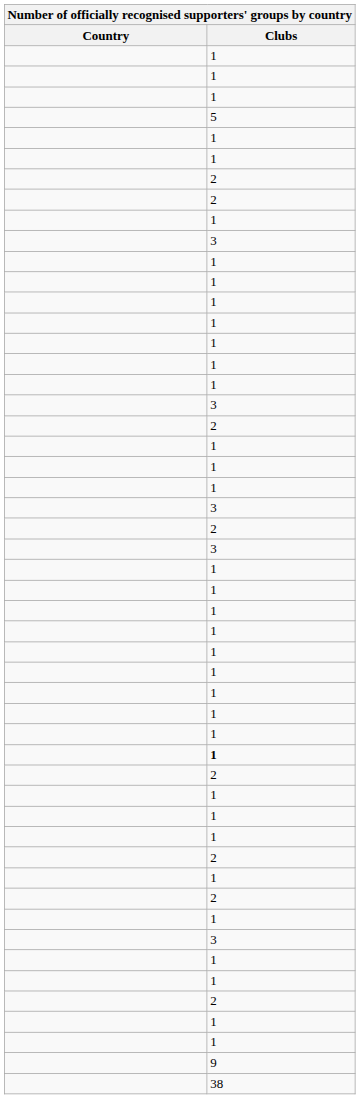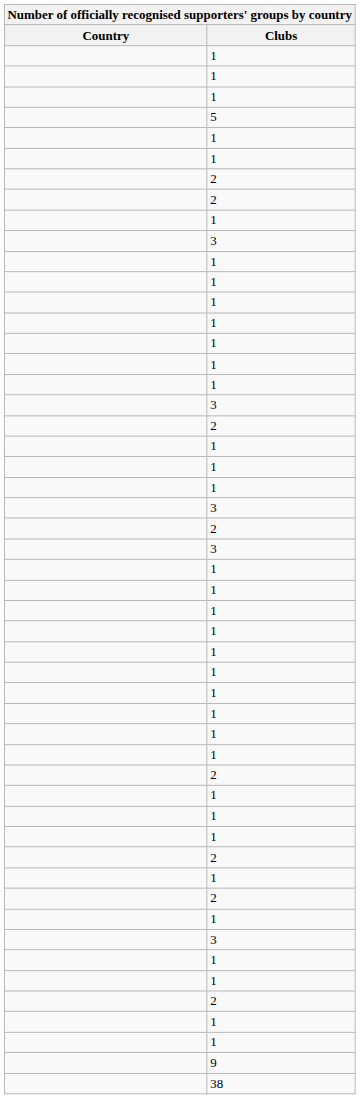 <table class="wikitable sortable">
 <tr>
 <th colspan="2">Number of officially recognised supporters' groups by country</th>
 </tr>
 <tr>
 <th>Country</th>
 <th>Clubs</th>
 </tr>
 <tr>
 <td></td>
 <td>1</td>
 </tr>
 <tr>
 <td></td>
 <td>1</td>
 </tr>
 <tr>
 <td></td>
 <td>1</td>
 </tr>
 <tr>
 <td></td>
 <td>5</td>
 </tr>
 <tr>
 <td></td>
 <td>1</td>
 </tr>
 <tr>
 <td></td>
 <td>1</td>
 </tr>
 <tr>
 <td></td>
 <td>2</td>
 </tr>
 <tr>
 <td></td>
 <td>2</td>
 </tr>
 <tr>
 <td></td>
 <td>1</td>
 </tr>
 <tr>
 <td></td>
 <td>3</td>
 </tr>
 <tr>
 <td></td>
 <td>1</td>
 </tr>
 <tr>
 <td></td>
 <td>1</td>
 </tr>
 <tr>
 <td></td>
 <td>1</td>
 </tr>
 <tr>
 <td></td>
 <td>1</td>
 </tr>
 <tr>
 <td></td>
 <td>1</td>
 </tr>
 <tr>
 <td></td>
 <td>1</td>
 </tr>
 <tr>
 <td></td>
 <td>1</td>
 </tr>
 <tr>
 <td></td>
 <td>3</td>
 </tr>
 <tr>
 <td></td>
 <td>2</td>
 </tr>
 <tr>
 <td></td>
 <td>1</td>
 </tr>
 <tr>
 <td></td>
 <td>1</td>
 </tr>
 <tr>
 <td></td>
 <td>1</td>
 </tr>
 <tr>
 <td></td>
 <td>3</td>
 </tr>
 <tr>
 <td></td>
 <td>2</td>
 </tr>
 <tr>
 <td></td>
 <td>3</td>
 </tr>
 <tr>
 <td></td>
 <td>1</td>
 </tr>
 <tr>
 <td></td>
 <td>1</td>
 </tr>
 <tr>
 <td></td>
 <td>1</td>
 </tr>
 <tr>
 <td></td>
 <td>1</td>
 </tr>
 <tr>
 <td></td>
 <td>1</td>
 </tr>
 <tr>
 <td></td>
 <td>1</td>
 </tr>
 <tr>
 <td></td>
 <td>1</td>
 </tr>
 <tr>
 <td></td>
 <td>1</td>
 </tr>
 <tr>
 <td></td>
 <td>1</td>
 </tr>
 <tr>
 <td></td>
-<td><strong>1</strong></td>
+<td>1</td>
 </tr>
 <tr>
 <td></td>
 <td>2</td>
 </tr>
 <tr>
 <td></td>
 <td>1</td>
 </tr>
 <tr>
 <td></td>
 <td>1</td>
 </tr>
 <tr>
 <td></td>
 <td>1</td>
 </tr>
 <tr>
 <td></td>
 <td>2</td>
 </tr>
 <tr>
 <td></td>
 <td>1</td>
 </tr>
 <tr>
 <td></td>
 <td>2</td>
 </tr>
 <tr>
 <td></td>
 <td>1</td>
 </tr>
 <tr>
 <td></td>
 <td>3</td>
 </tr>
 <tr>
 <td></td>
 <td>1</td>
 </tr>
 <tr>
 <td></td>
 <td>1</td>
 </tr>
 <tr>
 <td></td>
 <td>2</td>
 </tr>
 <tr>
 <td></td>
 <td>1</td>
 </tr>
 <tr>
 <td></td>
 <td>1</td>
 </tr>
 <tr>
 <td></td>
 <td>9</td>
 </tr>
 <tr>
 <td></td>
 <td>38</td>
 </tr>
 </table>
